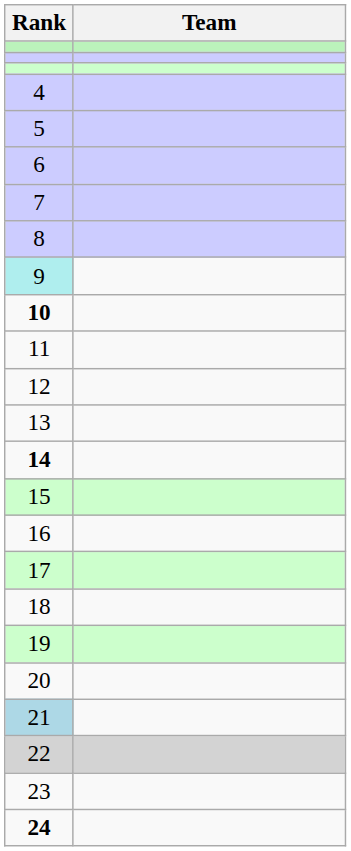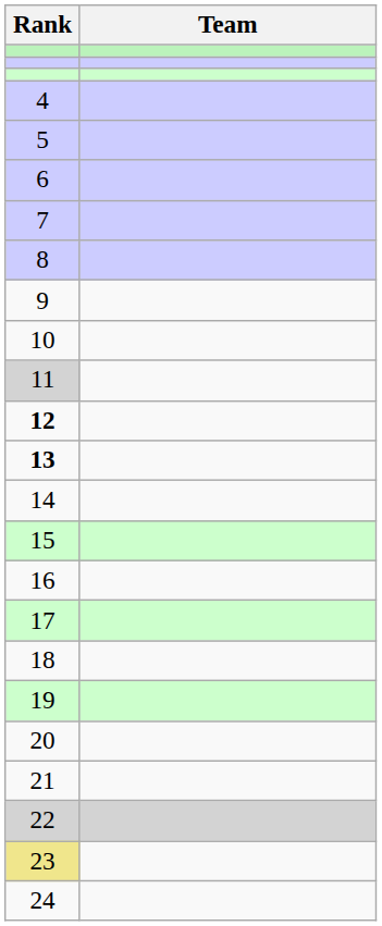 <table class="wikitable">
 <tr>
 <th style="width: 40px;">Rank</th>
 <th style="width: 180px;">Team</th>
 </tr>
 <tr style="background: #BBF3BB;">
 <td align=center></td>
 <td></td>
 </tr>
 <tr style="background: #CCCCFF;">
 <td align=center></td>
 <td></td>
 </tr>
 <tr style="background: #CCFFCC;">
 <td align=center></td>
 <td></td>
 </tr>
 <tr style="background: #CCCCFF;">
 <td align=center>4</td>
 <td></td>
 </tr>
 <tr style="background: #CCCCFF;">
 <td align=center>5</td>
 <td></td>
 </tr>
 <tr style="background: #CCCCFF;">
 <td align=center>6</td>
 <td></td>
 </tr>
 <tr style="background: #CCCCFF;">
 <td align=center>7</td>
 <td></td>
 </tr>
 <tr style="background: #CCCCFF;">
 <td align=center>8</td>
 <td></td>
 </tr>
 <tr>
-<td align=center style="background: paleturquoise;">9</td>
+<td align=center>9</td>
 <td></td>
 </tr>
 <tr>
-<td align=center><strong>10</strong></td>
+<td align=center>10</td>
 <td></td>
 </tr>
 <tr>
-<td align=center>11</td>
+<td align=center style="background: lightgrey;">11</td>
 <td></td>
 </tr>
 <tr>
-<td align=center>12</td>
+<td align=center><strong>12</strong></td>
 <td></td>
 </tr>
 <tr>
-<td align=center>13</td>
+<td align=center><strong>13</strong></td>
 <td></td>
 </tr>
 <tr>
-<td align=center><strong>14</strong></td>
+<td align=center>14</td>
 <td></td>
 </tr>
 <tr style="background: #CCFFCC;">
 <td align=center>15</td>
 <td></td>
 </tr>
 <tr>
 <td align=center>16</td>
 <td></td>
 </tr>
 <tr style="background: #CCFFCC;">
 <td align=center>17</td>
 <td></td>
 </tr>
 <tr>
 <td align=center>18</td>
 <td></td>
 </tr>
 <tr style="background: #CCFFCC;">
 <td align=center>19</td>
 <td></td>
 </tr>
 <tr>
 <td align=center>20</td>
 <td></td>
 </tr>
 <tr>
-<td align=center style="background: lightblue;">21</td>
+<td align=center>21</td>
 <td></td>
 </tr>
 <tr style="background: lightgrey">
 <td align=center>22</td>
 <td></td>
 </tr>
 <tr>
-<td align=center>23</td>
+<td align=center style="background: khaki;">23</td>
 <td></td>
 </tr>
 <tr>
-<td align=center><strong>24</strong></td>
+<td align=center>24</td>
 <td></td>
 </tr>
 </table>
